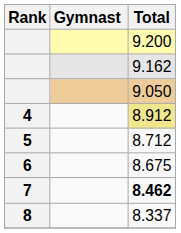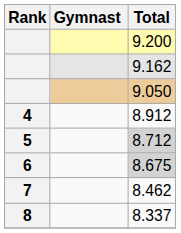 <table class="wikitable sortable" style="text-align:center; font-size:95%">
 <tr>
 <th scope=col>Rank</th>
 <th scope=col>Gymnast </th>
 <th scope=col>Total</th>
 </tr>
 <tr bgcolor=fffcaf>
 <th scope=row style="text-align:center"></th>
 <td align=left> </td>
 <td>9.200</td>
 </tr>
 <tr bgcolor=e5e5e5>
 <th scope=row style="text-align:center"></th>
 <td align=left> </td>
 <td>9.162</td>
 </tr>
 <tr bgcolor=eecc99>
 <th scope=row style="text-align:center"></th>
 <td align=left> </td>
 <td>9.050</td>
 </tr>
 <tr>
 <th scope=row style="text-align:center">4</th>
 <td align=left> </td>
-<td style="background: khaki;">8.912</td>
+<td>8.912</td>
 </tr>
 <tr>
 <th scope=row style="text-align:center">5</th>
 <td align=left> </td>
-<td>8.712</td>
+<td style="background: lightgrey;">8.712</td>
 </tr>
 <tr>
 <th scope=row style="text-align:center">6</th>
 <td align=left> </td>
-<td>8.675</td>
+<td style="background: lightgrey;">8.675</td>
 </tr>
 <tr>
 <th scope=row style="text-align:center">7</th>
 <td align=left> </td>
-<td><strong>8.462</strong></td>
+<td>8.462</td>
 </tr>
 <tr>
 <th scope=row style="text-align:center">8</th>
 <td align=left> </td>
 <td>8.337</td>
 </tr>
 <tr>
 </tr>
 </table>
